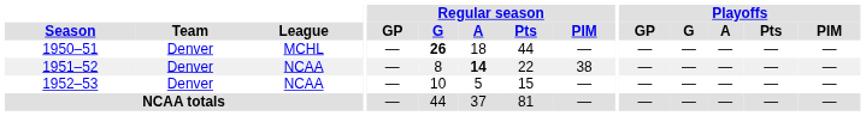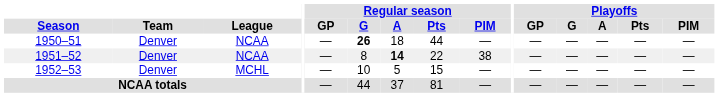 <table border="0" cellpadding="1" cellspacing="0" style="text-align:center; width:60em">
 <tr bgcolor="#e0e0e0">
 <th colspan="3" bgcolor="#ffffff"></th>
 <th rowspan="99" bgcolor="#ffffff"></th>
 <th colspan="5"><a href='#'>Regular season</a></th>
 <th rowspan="99" bgcolor="#ffffff"></th>
 <th colspan="5"><a href='#'>Playoffs</a></th>
 </tr>
 <tr bgcolor="#e0e0e0">
 <th><a href='#'>Season</a></th>
 <th>Team</th>
 <th>League</th>
 <th>GP</th>
 <th><a href='#'>G</a></th>
 <th><a href='#'>A</a></th>
 <th><a href='#'>Pts</a></th>
 <th><a href='#'>PIM</a></th>
 <th>GP</th>
 <th>G</th>
 <th>A</th>
 <th>Pts</th>
 <th>PIM</th>
 </tr>
 <tr>
 <td><a href='#'>1950–51</a></td>
 <td><a href='#'>Denver</a></td>
-<td><a href='#'>MCHL</a></td>
+<td><a href='#'>NCAA</a></td>
 <td>—</td>
 <td><strong>26</strong></td>
 <td>18</td>
 <td>44</td>
 <td>—</td>
 <td>—</td>
 <td>—</td>
 <td>—</td>
 <td>—</td>
 <td>—</td>
 </tr>
 <tr bgcolor="#f0f0f0">
 <td><a href='#'>1951–52</a></td>
 <td><a href='#'>Denver</a></td>
 <td><a href='#'>NCAA</a></td>
 <td>—</td>
 <td>8</td>
 <td><strong>14</strong></td>
 <td>22</td>
 <td>38</td>
 <td>—</td>
 <td>—</td>
 <td>—</td>
 <td>—</td>
 <td>—</td>
 </tr>
 <tr>
 <td><a href='#'>1952–53</a></td>
 <td><a href='#'>Denver</a></td>
-<td><a href='#'>NCAA</a></td>
+<td><a href='#'>MCHL</a></td>
 <td>—</td>
 <td>10</td>
 <td>5</td>
 <td>15</td>
 <td>—</td>
 <td>—</td>
 <td>—</td>
 <td>—</td>
 <td>—</td>
 <td>—</td>
 </tr>
 <tr bgcolor="#e0e0e0">
 <th colspan="3">NCAA totals</th>
 <td>—</td>
 <td>44</td>
 <td>37</td>
 <td>81</td>
 <td>—</td>
 <td>—</td>
 <td>—</td>
 <td>—</td>
 <td>—</td>
 <td>—</td>
 </tr>
 </table>
